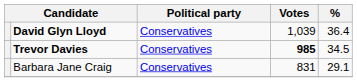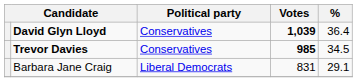 <table class="wikitable">
 <tr>
 <th valign=top colspan="2" style="width: 180px">Candidate</th>
 <th valign=top style="width: 180px">Political party</th>
 <th valign=top style="width: 60px">Votes</th>
 <th valign=top style="width: 40px">%</th>
 </tr>
 <tr>
 <th style="background-color: "></th>
 <td><strong>David Glyn Lloyd</strong></td>
 <td><a href='#'>Conservatives</a></td>
-<td align="right">1,039</td>
+<td align="right"><strong>1,039</strong></td>
 <td align="right">36.4</td>
 </tr>
 <tr>
 <th style="background-color: "></th>
 <td><strong>Trevor Davies</strong></td>
 <td><a href='#'>Conservatives</a></td>
 <td align="right"><strong>985</strong></td>
 <td align="right">34.5</td>
 </tr>
 <tr>
 <th style="background-color: "></th>
 <td>Barbara Jane Craig</td>
-<td><a href='#'>Conservatives</a></td>
+<td><a href='#'>Liberal Democrats</a></td>
 <td align="right">831</td>
 <td align="right">29.1</td>
 </tr>
 <tr>
 </tr>
 </table>
